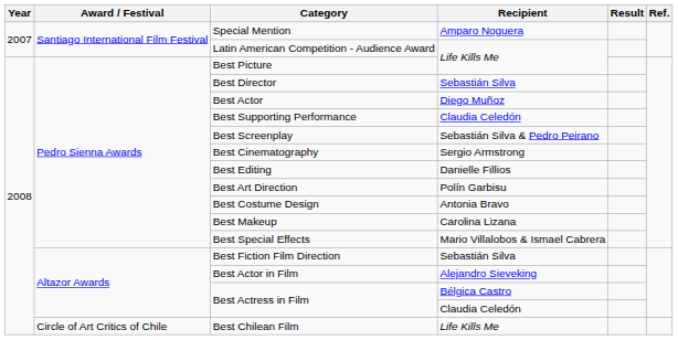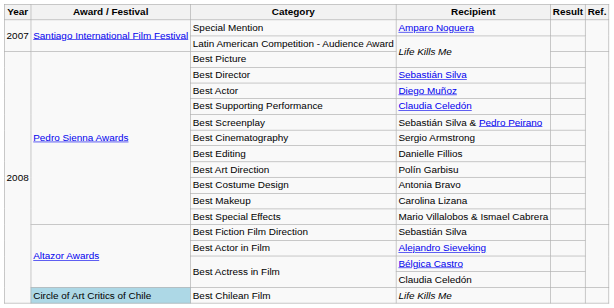 <table class="wikitable">
 <tr>
 <th>Year</th>
 <th>Award / Festival</th>
 <th>Category</th>
 <th>Recipient</th>
 <th>Result</th>
 <th>Ref.</th>
 </tr>
 <tr>
 <td rowspan="2">2007</td>
 <td rowspan="2"><a href='#'>Santiago International Film Festival</a></td>
 <td>Special Mention</td>
 <td><a href='#'>Amparo Noguera</a></td>
 <td></td>
 <td rowspan="2"></td>
 </tr>
 <tr>
 <td>Latin American Competition - Audience Award</td>
 <td rowspan="2"><em>Life Kills Me</em></td>
 <td></td>
 </tr>
 <tr>
 <td rowspan="16">2008</td>
 <td rowspan="11"><a href='#'>Pedro Sienna Awards</a></td>
 <td>Best Picture</td>
 <td></td>
 <td rowspan="11"></td>
 </tr>
 <tr>
 <td>Best Director</td>
 <td><a href='#'>Sebastián Silva</a></td>
 <td></td>
 </tr>
 <tr>
 <td>Best Actor</td>
 <td><a href='#'>Diego Muñoz</a></td>
 <td></td>
 </tr>
 <tr>
 <td>Best Supporting Performance</td>
 <td><a href='#'>Claudia Celedón</a></td>
 <td></td>
 </tr>
 <tr>
 <td>Best Screenplay</td>
 <td>Sebastián Silva & <a href='#'>Pedro Peirano</a></td>
 <td></td>
 </tr>
 <tr>
 <td>Best Cinematography</td>
 <td>Sergio Armstrong</td>
 <td></td>
 </tr>
 <tr>
 <td>Best Editing</td>
 <td>Danielle Fillios</td>
 <td></td>
 </tr>
 <tr>
 <td>Best Art Direction</td>
 <td>Polín Garbisu</td>
 <td></td>
 </tr>
 <tr>
 <td>Best Costume Design</td>
 <td>Antonia Bravo</td>
 <td></td>
 </tr>
 <tr>
 <td>Best Makeup</td>
 <td>Carolina Lizana</td>
 <td></td>
 </tr>
 <tr>
 <td>Best Special Effects</td>
 <td>Mario Villalobos & Ismael Cabrera</td>
 <td></td>
 </tr>
 <tr>
 <td rowspan="4"><a href='#'>Altazor Awards</a></td>
 <td>Best Fiction Film Direction</td>
 <td>Sebastián Silva</td>
 <td></td>
 <td rowspan="4"></td>
 </tr>
 <tr>
 <td>Best Actor in Film</td>
 <td><a href='#'>Alejandro Sieveking</a></td>
 <td></td>
 </tr>
 <tr>
 <td rowspan="2">Best Actress in Film</td>
 <td><a href='#'>Bélgica Castro</a></td>
 <td></td>
 </tr>
 <tr>
 <td>Claudia Celedón</td>
 <td></td>
 </tr>
 <tr>
-<td>Circle of Art Critics of Chile</td>
+<td style="background: lightblue;">Circle of Art Critics of Chile</td>
 <td>Best Chilean Film</td>
 <td><em>Life Kills Me</em></td>
 <td></td>
 <td></td>
 </tr>
 </table>
